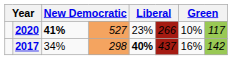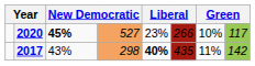 <table class="wikitable" style="width:400; font-size:90%; margin-left:1em;">
 <tr>
 <th colspan="2" scope="col">Year</th>
 <th colspan="2" scope="col"><a href='#'>New Democratic</a></th>
 <th colspan="2" scope="col"><a href='#'>Liberal</a></th>
 <th colspan="2" scope="col"><a href='#'>Green</a></th>
 </tr>
 <tr>
 <td style="width: 0.25em; background-color: "></td>
 <th><a href='#'>2020</a></th>
-<td><strong>41%</strong></td>
+<td><strong>45%</strong></td>
 <td style="text-align:right; background:#F4A460;"><em>527</em></td>
 <td><span> 23%</span></td>
 <td style="text-align:right; background:#A51B12;"><span> <em>266</em></span></td>
 <td>10%</td>
 <td style="text-align:right; background:#99C955;"><em>117</em></td>
 </tr>
 <tr>
 <td style="width: 0.25em; background-color: "></td>
 <th><a href='#'>2017</a></th>
-<td>34%</td>
+<td>43%</td>
 <td style="text-align:right; background:#F4A460;"><em>298</em></td>
 <td><span> <strong>40%</strong></span></td>
-<td style="text-align:right; background:#A51B12;"><span> <em>437</em></span></td>
-<td>16%</td>
+<td style="text-align:right; background:#A51B12;"><span> <em>435</em></span></td>
+<td>11%</td>
 <td style="text-align:right; background:#99C955;"><em>142</em></td>
 </tr>
 </table>
